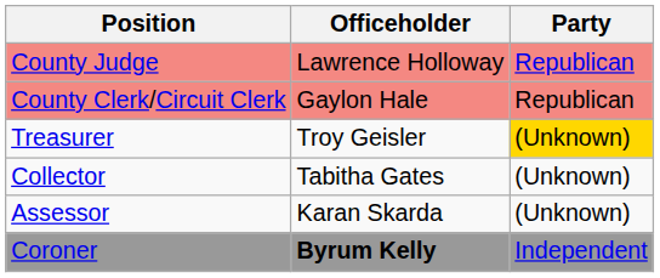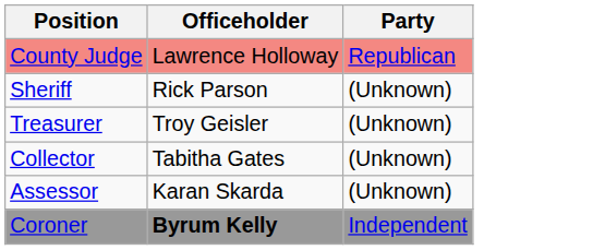 <table class="wikitable mw-collapsible">
 <tr>
 <th>Position</th>
 <th>Officeholder</th>
 <th>Party</th>
 </tr>
 <tr style="background-color: #F48882;">
 <td><a href='#'>County Judge</a></td>
 <td>Lawrence Holloway</td>
 <td><a href='#'>Republican</a></td>
 </tr>
-<tr style="background-color: #F48882;">
-<td><a href='#'>County Clerk</a>/<a href='#'>Circuit Clerk</a></td>
-<td>Gaylon Hale</td>
-<td>Republican</td>
+<tr>
+<td><a href='#'>Sheriff</a></td>
+<td>Rick Parson</td>
+<td>(Unknown)</td>
 </tr>
 <tr>
 <td><a href='#'>Treasurer</a></td>
 <td>Troy Geisler</td>
-<td style="background: gold;">(Unknown)</td>
+<td>(Unknown)</td>
 </tr>
 <tr>
 <td><a href='#'>Collector</a></td>
 <td>Tabitha Gates</td>
 <td>(Unknown)</td>
 </tr>
 <tr>
 <td><a href='#'>Assessor</a></td>
 <td>Karan Skarda</td>
 <td>(Unknown)</td>
 </tr>
 <tr style="background-color: #999999;">
 <td><a href='#'>Coroner</a></td>
 <td><strong>Byrum Kelly</strong></td>
 <td><a href='#'>Independent</a></td>
 </tr>
 </table>
